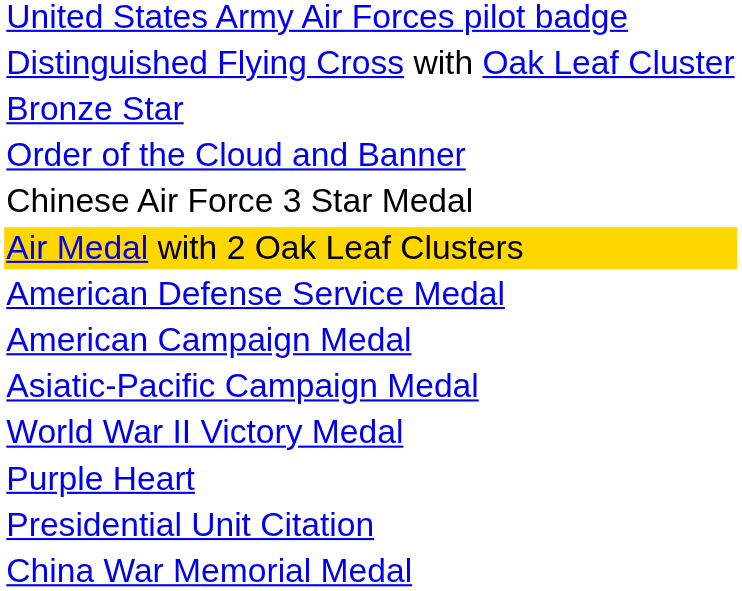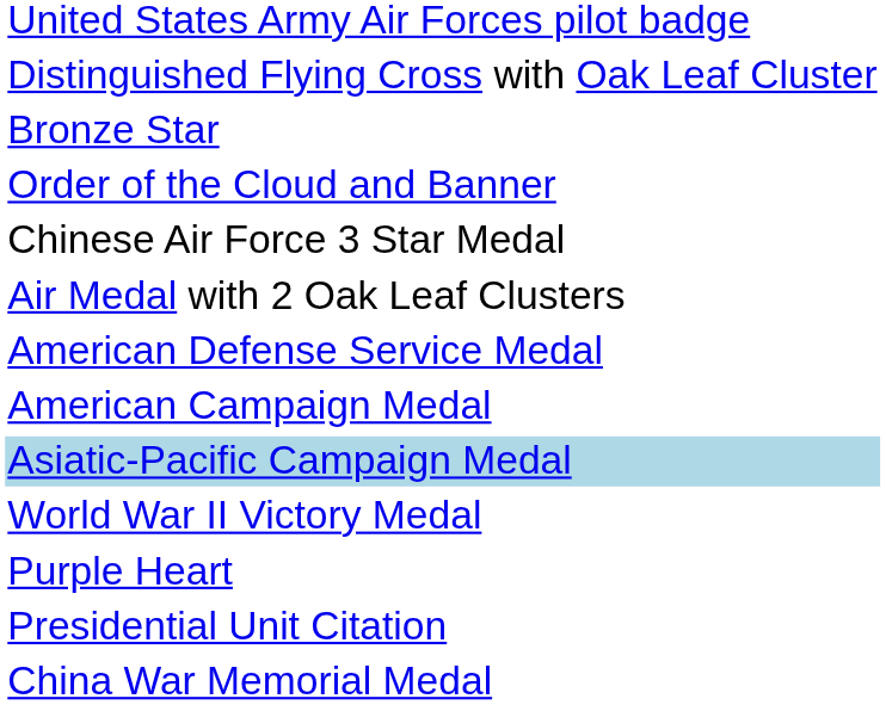 <table>
 <tr>
 <td> <a href='#'>United States Army Air Forces pilot badge</a></td>
 </tr>
 <tr>
 <td> <a href='#'>Distinguished Flying Cross</a> with <a href='#'>Oak Leaf Cluster</a></td>
 </tr>
 <tr>
 <td> <a href='#'>Bronze Star</a></td>
 </tr>
 <tr>
 <td> <a href='#'>Order of the Cloud and Banner</a></td>
 </tr>
 <tr>
 <td> Chinese Air Force 3 Star Medal</td>
 </tr>
 <tr>
-<td style="background: gold;">  <a href='#'>Air Medal</a> with 2 Oak Leaf Clusters</td>
+<td>  <a href='#'>Air Medal</a> with 2 Oak Leaf Clusters</td>
 </tr>
 <tr>
 <td> <a href='#'>American Defense Service Medal</a></td>
 </tr>
 <tr>
 <td> <a href='#'>American Campaign Medal</a></td>
 </tr>
 <tr>
-<td> <a href='#'>Asiatic-Pacific Campaign Medal</a></td>
+<td style="background: lightblue;"> <a href='#'>Asiatic-Pacific Campaign Medal</a></td>
 </tr>
 <tr>
 <td> <a href='#'>World War II Victory Medal</a></td>
 </tr>
 <tr>
 <td> <a href='#'>Purple Heart</a></td>
 </tr>
 <tr>
 <td> <a href='#'>Presidential Unit Citation</a></td>
 </tr>
 <tr>
 <td> <a href='#'>China War Memorial Medal</a></td>
 </tr>
 </table>
